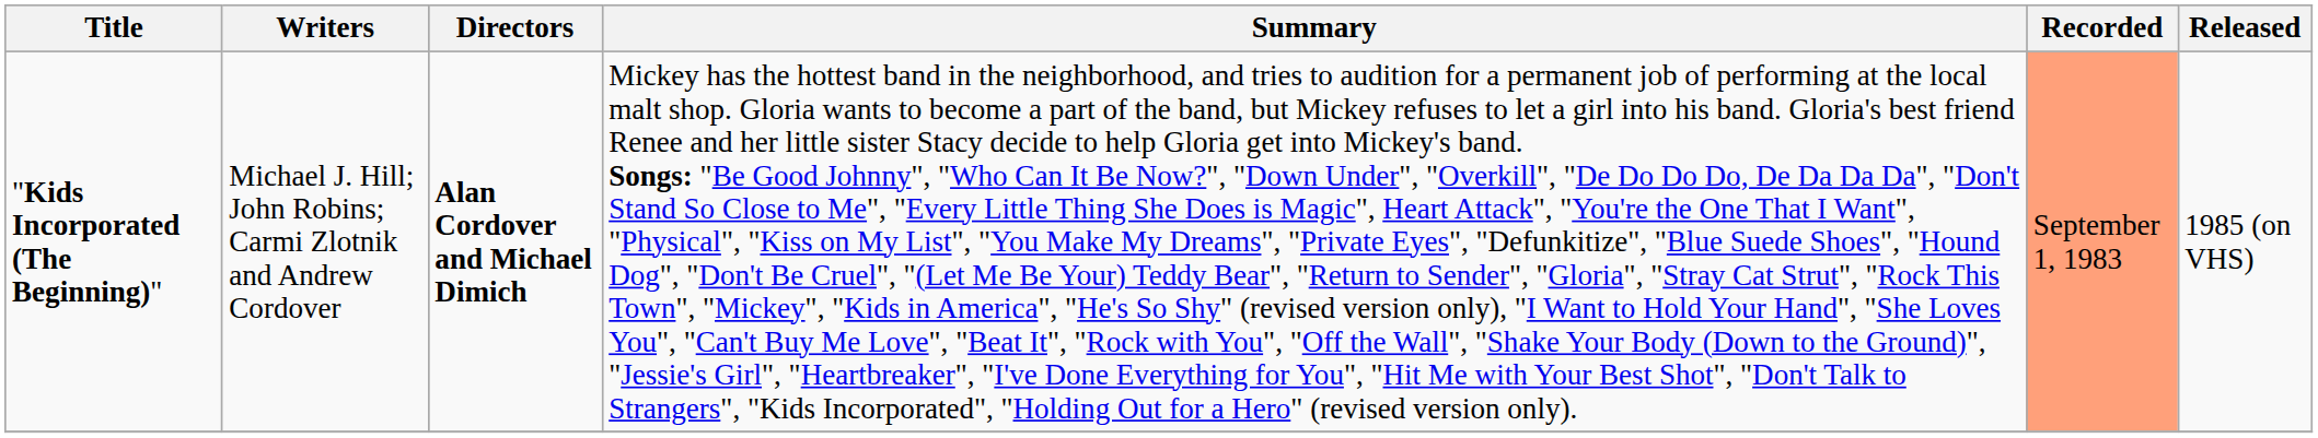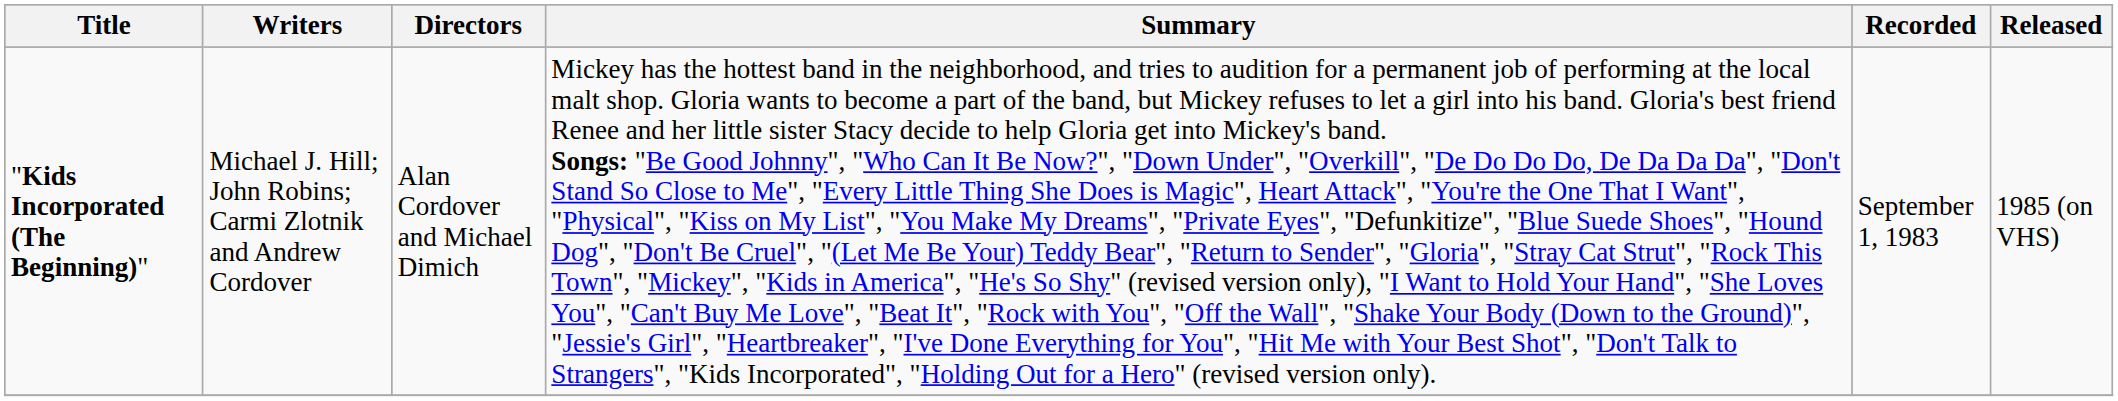 <table class="wikitable">
 <tr>
 <th>Title</th>
 <th>Writers</th>
 <th>Directors</th>
 <th>Summary</th>
 <th>Recorded</th>
 <th>Released</th>
 </tr>
 <tr>
 <td>"<strong>Kids Incorporated (The Beginning)</strong>"</td>
 <td>Michael J. Hill; John Robins; Carmi Zlotnik and Andrew Cordover</td>
-<td><strong>Alan Cordover and Michael Dimich</strong></td>
+<td>Alan Cordover and Michael Dimich</td>
 <td>Mickey has the hottest band in the neighborhood, and tries to audition for a permanent job of performing at the local malt shop. Gloria wants to become a part of the band, but Mickey refuses to let a girl into his band. Gloria's best friend Renee and her little sister Stacy decide to help Gloria get into Mickey's band.<br><strong>Songs:</strong> "<a href='#'>Be Good Johnny</a>", "<a href='#'>Who Can It Be Now?</a>", "<a href='#'>Down Under</a>", "<a href='#'>Overkill</a>", "<a href='#'>De Do Do Do, De Da Da Da</a>", "<a href='#'>Don't Stand So Close to Me</a>", "<a href='#'>Every Little Thing She Does is Magic</a>", <a href='#'>Heart Attack</a>", "<a href='#'>You're the One That I Want</a>", "<a href='#'>Physical</a>", "<a href='#'>Kiss on My List</a>", "<a href='#'>You Make My Dreams</a>", "<a href='#'>Private Eyes</a>", "Defunkitize", "<a href='#'>Blue Suede Shoes</a>", "<a href='#'>Hound Dog</a>", "<a href='#'>Don't Be Cruel</a>", "<a href='#'>(Let Me Be Your) Teddy Bear</a>", "<a href='#'>Return to Sender</a>", "<a href='#'>Gloria</a>", "<a href='#'>Stray Cat Strut</a>", "<a href='#'>Rock This Town</a>", "<a href='#'>Mickey</a>", "<a href='#'>Kids in America</a>", "<a href='#'>He's So Shy</a>" (revised version only), "<a href='#'>I Want to Hold Your Hand</a>", "<a href='#'>She Loves You</a>", "<a href='#'>Can't Buy Me Love</a>", "<a href='#'>Beat It</a>", "<a href='#'>Rock with You</a>", "<a href='#'>Off the Wall</a>", "<a href='#'>Shake Your Body (Down to the Ground)</a>", "<a href='#'>Jessie's Girl</a>", "<a href='#'>Heartbreaker</a>", "<a href='#'>I've Done Everything for You</a>", "<a href='#'>Hit Me with Your Best Shot</a>", "<a href='#'>Don't Talk to Strangers</a>", "Kids Incorporated", "<a href='#'>Holding Out for a Hero</a>" (revised version only).</td>
-<td style="background: lightsalmon;">September 1, 1983</td>
+<td>September 1, 1983</td>
 <td>1985 (on VHS)</td>
 </tr>
 <tr>
 </tr>
 </table>
